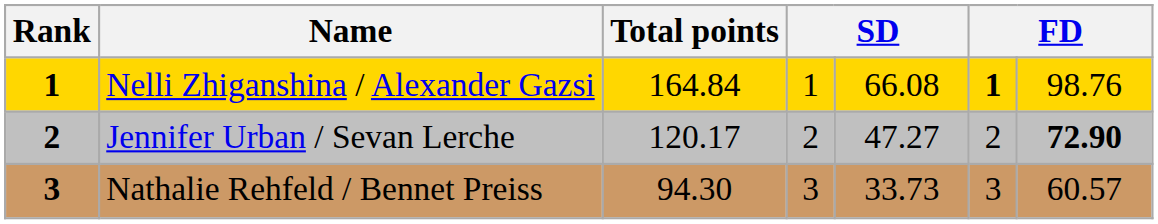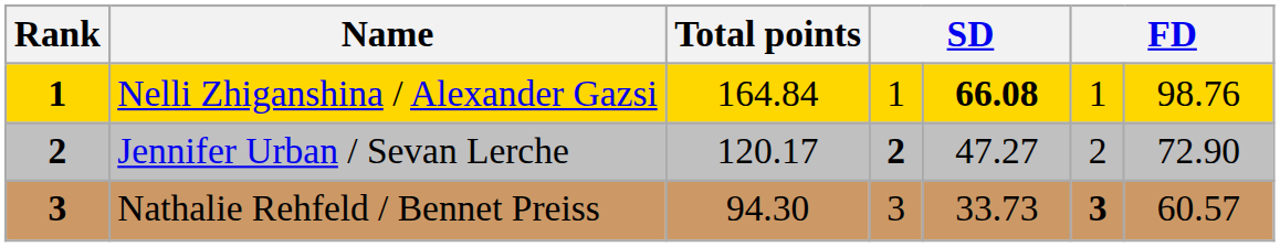 <table class="wikitable sortable">
 <tr>
 <th>Rank</th>
 <th>Name</th>
 <th>Total points</th>
 <th colspan="2" width="80px"><a href='#'>SD</a></th>
 <th colspan="2" width="80px"><a href='#'>FD</a></th>
 </tr>
 <tr bgcolor="gold">
 <td align="center"><strong>1</strong></td>
 <td><a href='#'>Nelli Zhiganshina</a> / <a href='#'>Alexander Gazsi</a></td>
 <td align="center">164.84</td>
 <td align="center">1</td>
-<td align="center">66.08</td>
-<td align="center"><strong>1</strong></td>
+<td align="center"><strong>66.08</strong></td>
+<td align="center">1</td>
 <td align="center">98.76</td>
 </tr>
 <tr bgcolor="silver">
 <td align="center"><strong>2</strong></td>
 <td><a href='#'>Jennifer Urban</a> / Sevan Lerche</td>
 <td align="center">120.17</td>
-<td align="center">2</td>
+<td align="center"><strong>2</strong></td>
 <td align="center">47.27</td>
 <td align="center">2</td>
-<td align="center"><strong>72.90</strong></td>
+<td align="center">72.90</td>
 </tr>
 <tr bgcolor="cc9966">
 <td align="center"><strong>3</strong></td>
 <td>Nathalie Rehfeld / Bennet Preiss</td>
 <td align="center">94.30</td>
 <td align="center">3</td>
 <td align="center">33.73</td>
-<td align="center">3</td>
+<td align="center"><strong>3</strong></td>
 <td align="center">60.57</td>
 </tr>
 </table>
